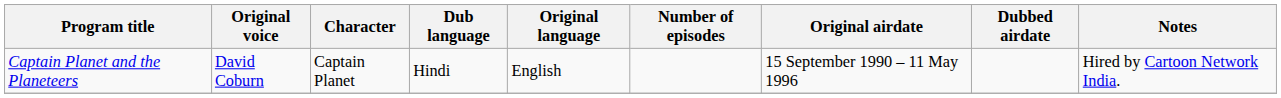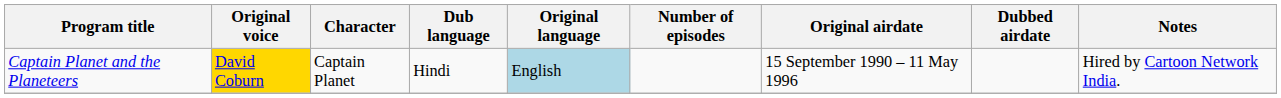 <table class="wikitable">
 <tr>
 <th>Program title</th>
 <th>Original voice</th>
 <th>Character</th>
 <th>Dub language</th>
 <th>Original language</th>
 <th>Number of episodes</th>
 <th>Original airdate</th>
 <th>Dubbed airdate</th>
 <th>Notes</th>
 </tr>
 <tr>
 <td><em><a href='#'>Captain Planet and the Planeteers</a></em></td>
-<td><a href='#'>David Coburn</a></td>
+<td style="background: gold;"><a href='#'>David Coburn</a></td>
 <td>Captain Planet</td>
 <td>Hindi</td>
-<td>English</td>
+<td style="background: lightblue;">English</td>
 <td></td>
 <td>15 September 1990 – 11 May 1996</td>
 <td></td>
 <td>Hired by <a href='#'>Cartoon Network India</a>.</td>
 </tr>
 <tr>
 </tr>
 </table>
